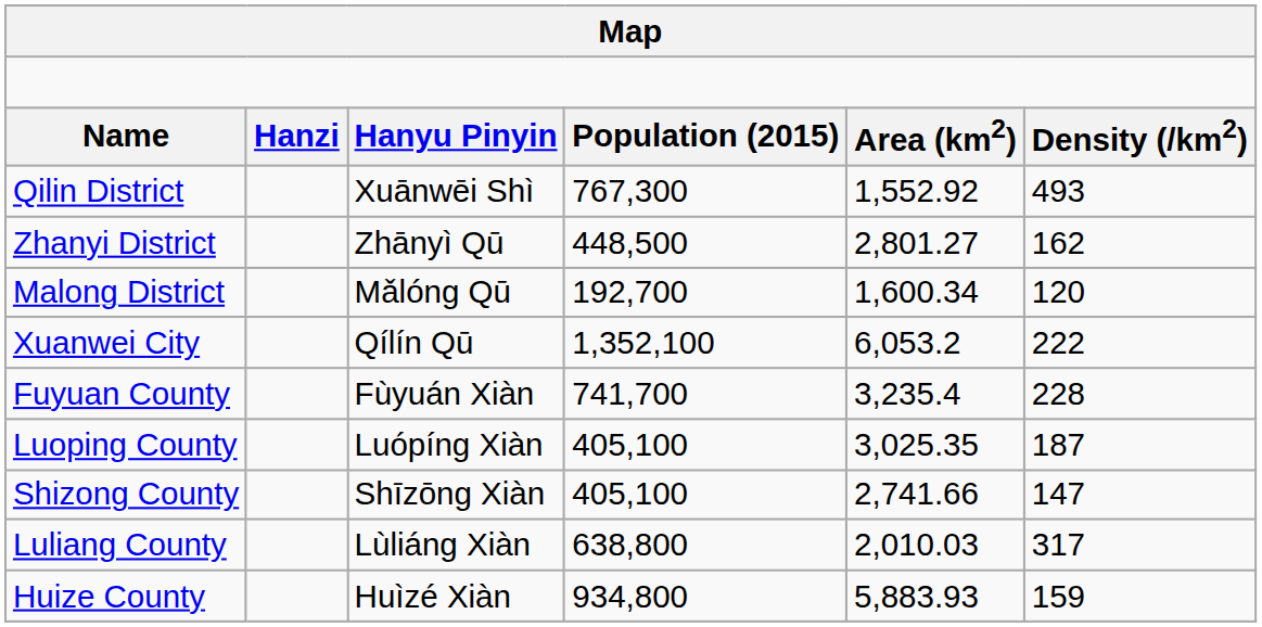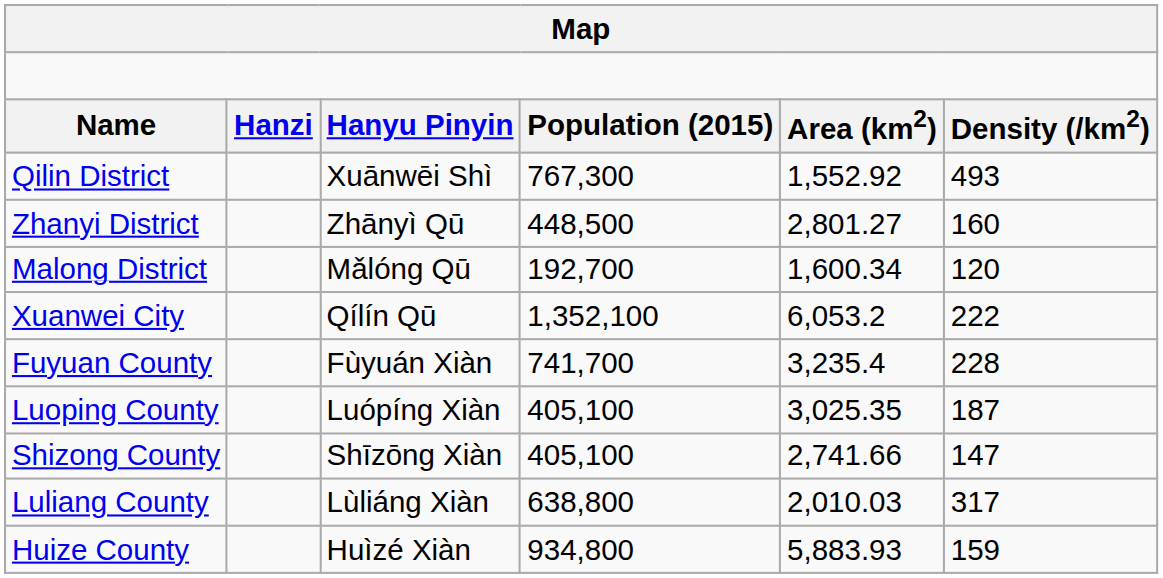 <table class="wikitable"  style="font-size:90%;" align=center>
 <tr>
 <th colspan="6">Map</th>
 </tr>
 <tr>
 <td colspan="6"><div><br>            </div></td>
 </tr>
 <tr>
 <th>Name</th>
 <th><a href='#'>Hanzi</a></th>
 <th><a href='#'>Hanyu Pinyin</a></th>
 <th>Population (2015)</th>
 <th>Area (km<sup>2</sup>)</th>
 <th>Density (/km<sup>2</sup>)</th>
 </tr>
 <tr --------->
 <td><a href='#'>Qilin District</a></td>
 <td></td>
 <td>Xuānwēi Shì</td>
 <td>767,300</td>
 <td>1,552.92</td>
 <td>493</td>
 </tr>
 <tr --------->
 <td><a href='#'>Zhanyi District</a></td>
 <td></td>
 <td>Zhānyì Qū</td>
 <td>448,500</td>
 <td>2,801.27</td>
-<td>162</td>
+<td>160</td>
 </tr>
 <tr --------->
 <td><a href='#'>Malong District</a></td>
 <td></td>
 <td>Mǎlóng Qū</td>
 <td>192,700</td>
 <td>1,600.34</td>
 <td>120</td>
 </tr>
 <tr --------->
 <td><a href='#'>Xuanwei City</a></td>
 <td></td>
 <td>Qílín Qū</td>
 <td>1,352,100</td>
 <td>6,053.2</td>
 <td>222</td>
 </tr>
 <tr --------->
 <td><a href='#'>Fuyuan County</a></td>
 <td></td>
 <td>Fùyuán Xiàn</td>
 <td>741,700</td>
 <td>3,235.4</td>
 <td>228</td>
 </tr>
 <tr --------->
 <td><a href='#'>Luoping County</a></td>
 <td></td>
 <td>Luópíng Xiàn</td>
 <td>405,100</td>
 <td>3,025.35</td>
 <td>187</td>
 </tr>
 <tr --------->
 <td><a href='#'>Shizong County</a></td>
 <td></td>
 <td>Shīzōng Xiàn</td>
 <td>405,100</td>
 <td>2,741.66</td>
 <td>147</td>
 </tr>
 <tr --------->
 <td><a href='#'>Luliang County</a></td>
 <td></td>
 <td>Lùliáng Xiàn</td>
 <td>638,800</td>
 <td>2,010.03</td>
 <td>317</td>
 </tr>
 <tr --------->
 <td><a href='#'>Huize County</a></td>
 <td></td>
 <td>Huìzé Xiàn</td>
 <td>934,800</td>
 <td>5,883.93</td>
 <td>159</td>
 </tr>
 </table>
